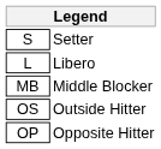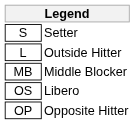 <table class="toccolours" style="margin-left: 50px; font-size: 90%; white-space: nowrap; valign: middle;">
 <tr>
 <th colspan="6" style="background-color: #F2F2F2; border: 1px solid #AAAAAA;">Legend</th>
 </tr>
 <tr>
 <td style="border: 1px solid black;" align=center>  S  </td>
 <td>Setter</td>
 </tr>
 <tr>
 <td style="border: 1px solid black;" align=center>  L  </td>
-<td>Libero</td>
+<td>Outside Hitter</td>
 </tr>
 <tr>
 <td style="border: 1px solid black;" align=center>  MB  </td>
 <td>Middle Blocker</td>
 </tr>
 <tr>
 <td style="border: 1px solid black;" align=center>  OS  </td>
-<td>Outside Hitter</td>
+<td>Libero</td>
 </tr>
 <tr>
 <td style="border: 1px solid black;" align=center>  OP  </td>
 <td>Opposite Hitter</td>
 </tr>
 <tr>
 </tr>
 </table>
